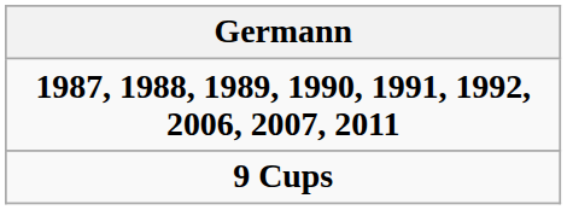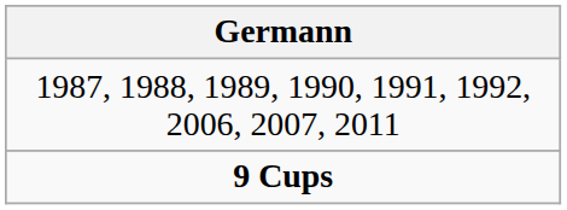 <table class="wikitable" width="30%">
 <tr>
 <th>Germann</th>
 </tr>
 <tr align="center">
-<td><strong>1987, 1988, 1989, 1990, 1991, 1992, 2006, 2007, 2011</strong></td>
+<td>1987, 1988, 1989, 1990, 1991, 1992, 2006, 2007, 2011</td>
 </tr>
 <tr align="center">
 <td><strong>9 Cups</strong></td>
 </tr>
 </table>
